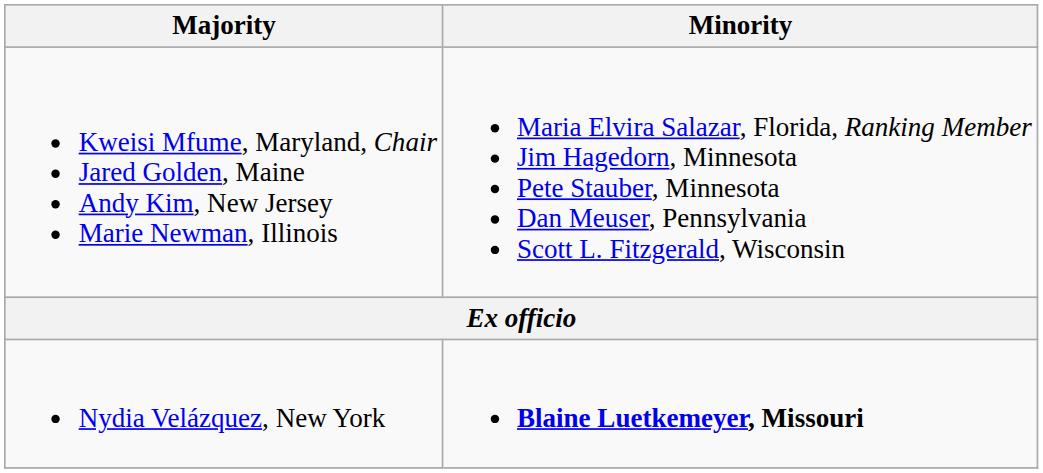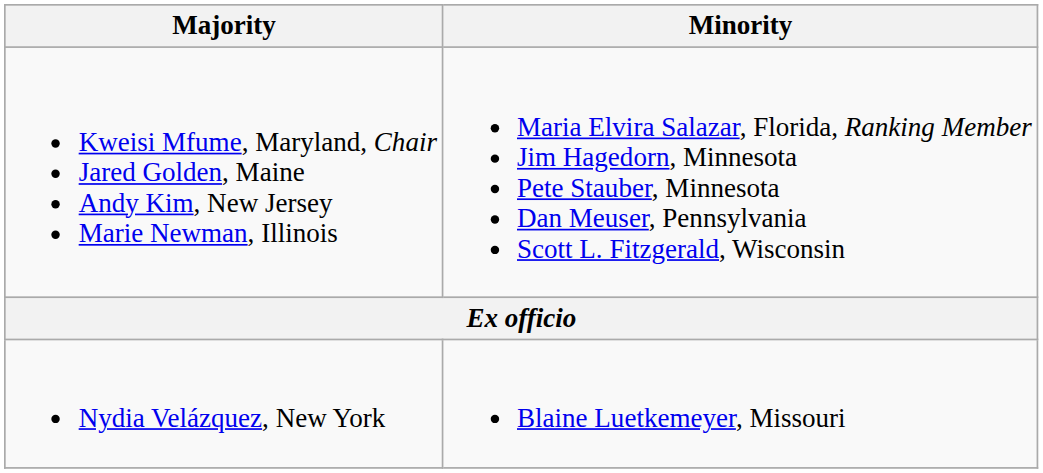 <table class=wikitable>
 <tr>
 <th>Majority</th>
 <th>Minority</th>
 </tr>
 <tr>
 <td><br><ul><li><a href='#'>Kweisi Mfume</a>, Maryland, <em>Chair</em></li><li><a href='#'>Jared Golden</a>, Maine</li><li><a href='#'>Andy Kim</a>, New Jersey</li><li><a href='#'>Marie Newman</a>, Illinois</li></ul></td>
 <td><br><ul><li><a href='#'>Maria Elvira Salazar</a>, Florida, <em>Ranking Member</em></li><li><a href='#'>Jim Hagedorn</a>, Minnesota</li><li><a href='#'>Pete Stauber</a>, Minnesota</li><li><a href='#'>Dan Meuser</a>, Pennsylvania</li><li><a href='#'>Scott L. Fitzgerald</a>, Wisconsin</li></ul></td>
 </tr>
 <tr>
 <th colspan=2><em>Ex officio</em></th>
 </tr>
 <tr>
 <td><br><ul><li><a href='#'>Nydia Velázquez</a>, New York</li></ul></td>
-<td><strong><br><ul><li><a href='#'>Blaine Luetkemeyer</a>, Missouri</li></ul></strong></td>
+<td><br><ul><li><a href='#'>Blaine Luetkemeyer</a>, Missouri</li></ul></td>
 </tr>
 </table>
